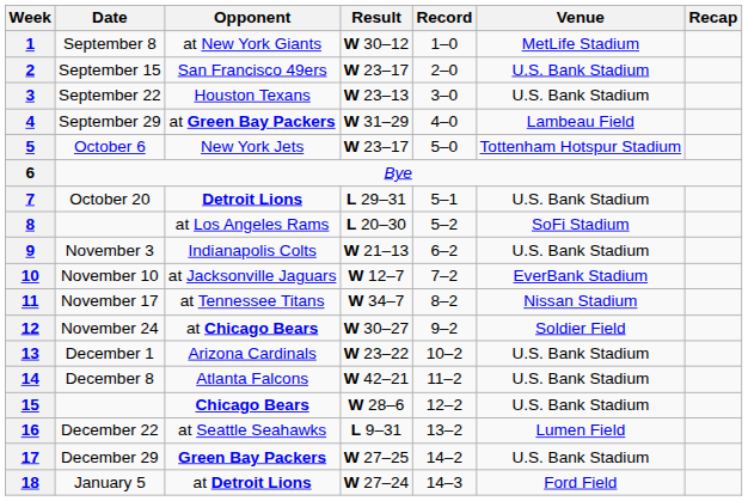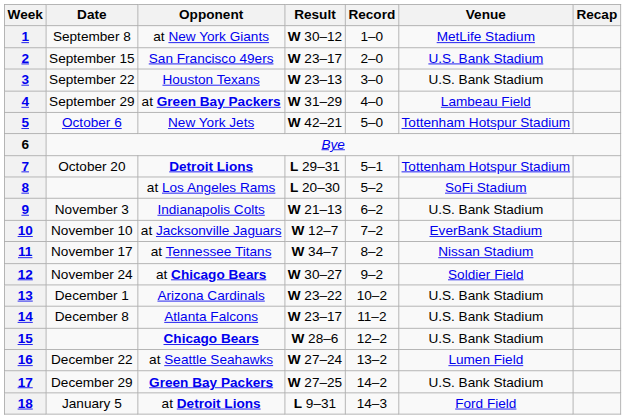 <table class="wikitable" style="text-align:center">
 <tr>
 <th>Week</th>
 <th>Date</th>
 <th>Opponent</th>
 <th>Result</th>
 <th>Record</th>
 <th>Venue</th>
 <th>Recap</th>
 </tr>
 <tr>
 <th><a href='#'>1</a></th>
 <td>September 8</td>
 <td>at <a href='#'>New York Giants</a></td>
 <td><strong>W</strong> 30–12</td>
 <td>1–0</td>
 <td><a href='#'>MetLife Stadium</a></td>
 <td></td>
 </tr>
 <tr>
 <th><a href='#'>2</a></th>
 <td>September 15</td>
 <td><a href='#'>San Francisco 49ers</a></td>
 <td><strong>W</strong> 23–17</td>
 <td>2–0</td>
 <td><a href='#'>U.S. Bank Stadium</a></td>
 <td></td>
 </tr>
 <tr>
 <th><a href='#'>3</a></th>
 <td>September 22</td>
 <td><a href='#'>Houston Texans</a></td>
 <td><strong>W</strong> 23–13</td>
 <td>3–0</td>
 <td>U.S. Bank Stadium</td>
 <td></td>
 </tr>
 <tr>
 <th><a href='#'>4</a></th>
 <td>September 29</td>
 <td>at <strong><a href='#'>Green Bay Packers</a></strong></td>
 <td><strong>W</strong> 31–29</td>
 <td>4–0</td>
 <td><a href='#'>Lambeau Field</a></td>
 <td></td>
 </tr>
 <tr>
 <th><a href='#'>5</a></th>
 <td><a href='#'>October 6</a></td>
 <td><a href='#'>New York Jets</a></td>
-<td><strong>W</strong> 23–17</td>
+<td><strong>W</strong> 42–21</td>
 <td>5–0</td>
 <td> <a href='#'>Tottenham Hotspur Stadium</a> </td>
 <td></td>
 </tr>
 <tr>
 <th>6</th>
 <td colspan="6"><em><a href='#'>Bye</a></em></td>
 </tr>
 <tr>
 <th><a href='#'>7</a></th>
 <td>October 20</td>
 <td><strong><a href='#'>Detroit Lions</a></strong></td>
 <td><strong>L</strong> 29–31</td>
 <td>5–1</td>
-<td>U.S. Bank Stadium</td>
+<td> <a href='#'>Tottenham Hotspur Stadium</a> </td>
 <td></td>
 </tr>
 <tr>
 <th><a href='#'>8</a></th>
 <td></td>
 <td>at <a href='#'>Los Angeles Rams</a></td>
 <td><strong>L</strong> 20–30</td>
 <td>5–2</td>
 <td><a href='#'>SoFi Stadium</a></td>
 <td></td>
 </tr>
 <tr>
 <th><a href='#'>9</a></th>
 <td>November 3</td>
 <td><a href='#'>Indianapolis Colts</a></td>
 <td><strong>W</strong> 21–13</td>
 <td>6–2</td>
 <td>U.S. Bank Stadium</td>
 <td></td>
 </tr>
 <tr>
 <th><a href='#'>10</a></th>
 <td>November 10</td>
 <td>at <a href='#'>Jacksonville Jaguars</a></td>
 <td><strong>W</strong> 12–7</td>
 <td>7–2</td>
 <td><a href='#'>EverBank Stadium</a></td>
 <td></td>
 </tr>
 <tr>
 <th><a href='#'>11</a></th>
 <td>November 17</td>
 <td>at <a href='#'>Tennessee Titans</a></td>
 <td><strong>W</strong> 34–7</td>
 <td>8–2</td>
 <td><a href='#'>Nissan Stadium</a></td>
 <td></td>
 </tr>
 <tr>
 <th><a href='#'>12</a></th>
 <td>November 24</td>
 <td>at <strong><a href='#'>Chicago Bears</a></strong></td>
 <td><strong>W</strong> 30–27 </td>
 <td>9–2</td>
 <td><a href='#'>Soldier Field</a></td>
 <td></td>
 </tr>
 <tr>
 <th><a href='#'>13</a></th>
 <td>December 1</td>
 <td><a href='#'>Arizona Cardinals</a></td>
 <td><strong>W</strong> 23–22</td>
 <td>10–2</td>
 <td>U.S. Bank Stadium</td>
 <td></td>
 </tr>
 <tr>
 <th><a href='#'>14</a></th>
 <td>December 8</td>
 <td><a href='#'>Atlanta Falcons</a></td>
-<td><strong>W</strong> 42–21</td>
+<td><strong>W</strong> 23–17</td>
 <td>11–2</td>
 <td>U.S. Bank Stadium</td>
 <td></td>
 </tr>
 <tr>
 <th><a href='#'>15</a></th>
 <td></td>
 <td><strong><a href='#'>Chicago Bears</a></strong></td>
 <td><strong>W</strong> 28–6</td>
 <td>12–2</td>
 <td>U.S. Bank Stadium</td>
 <td></td>
 </tr>
 <tr>
 <th><a href='#'>16</a></th>
 <td>December 22</td>
 <td>at <a href='#'>Seattle Seahawks</a></td>
-<td><strong>L</strong> 9–31</td>
+<td><strong>W</strong> 27–24</td>
 <td>13–2</td>
 <td><a href='#'>Lumen Field</a></td>
 <td></td>
 </tr>
 <tr>
 <th><a href='#'>17</a></th>
 <td>December 29</td>
 <td><strong><a href='#'>Green Bay Packers</a></strong></td>
 <td><strong>W</strong> 27–25</td>
 <td>14–2</td>
 <td>U.S. Bank Stadium</td>
 <td></td>
 </tr>
 <tr>
 <th><a href='#'>18</a></th>
 <td>January 5</td>
 <td>at <strong><a href='#'>Detroit Lions</a></strong></td>
-<td><strong>W</strong> 27–24</td>
+<td><strong>L</strong> 9–31</td>
 <td>14–3</td>
 <td><a href='#'>Ford Field</a></td>
 <td></td>
 </tr>
 </table>
